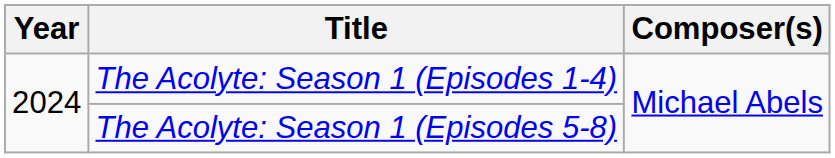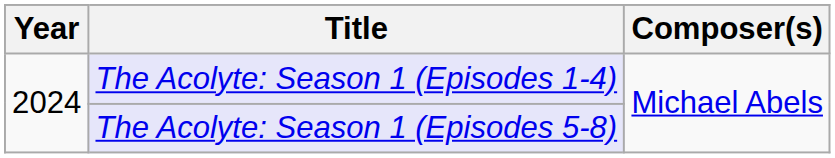 <table class="wikitable">
 <tr>
 <th>Year</th>
 <th>Title</th>
 <th>Composer(s)</th>
 </tr>
 <tr>
 <td rowspan="2">2024</td>
-<td><a href='#'><em>The Acolyte: Season 1 (Episodes 1-4)</em></a></td>
+<td style="background: lavender;"><a href='#'><em>The Acolyte: Season 1 (Episodes 1-4)</em></a></td>
 <td rowspan="2"><a href='#'>Michael Abels</a></td>
 </tr>
 <tr>
-<td><a href='#'><em>The Acolyte: Season 1 (Episodes 5-8)</em></a></td>
+<td style="background: lavender;"><a href='#'><em>The Acolyte: Season 1 (Episodes 5-8)</em></a></td>
 </tr>
 </table>
